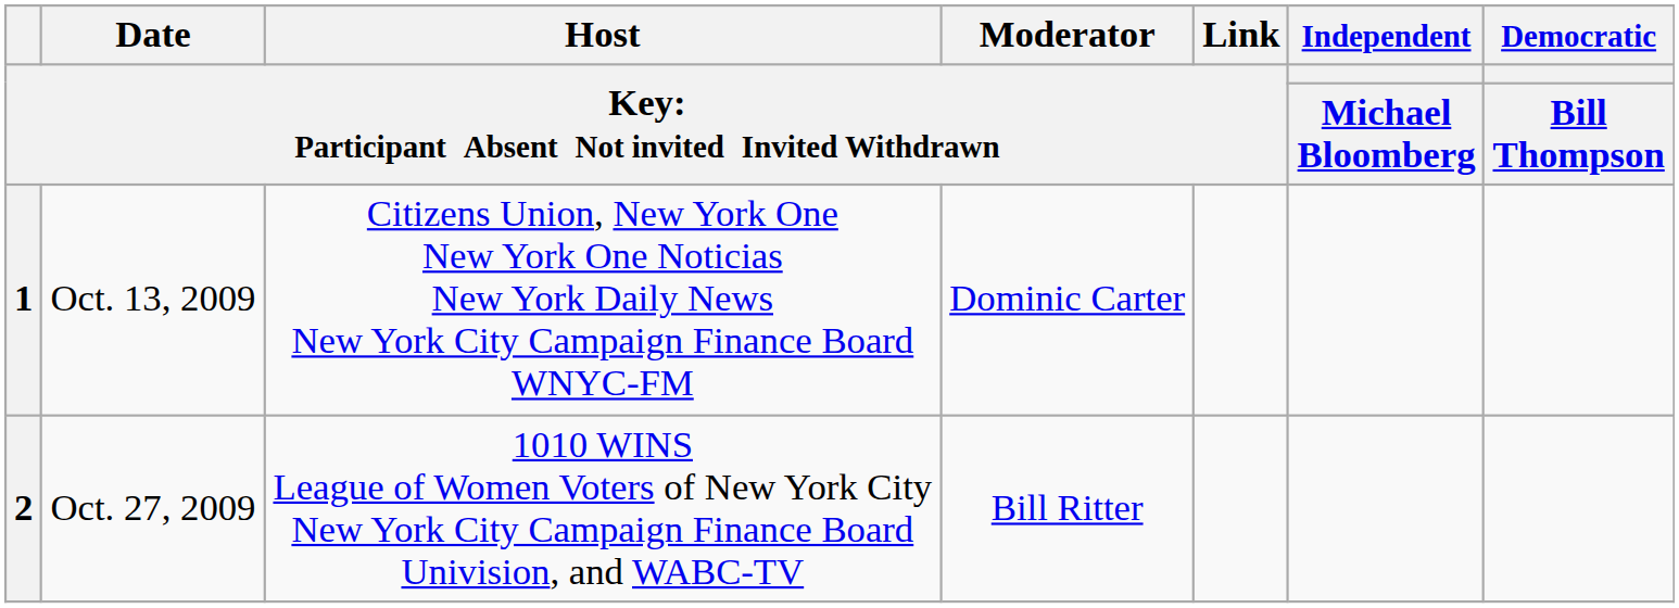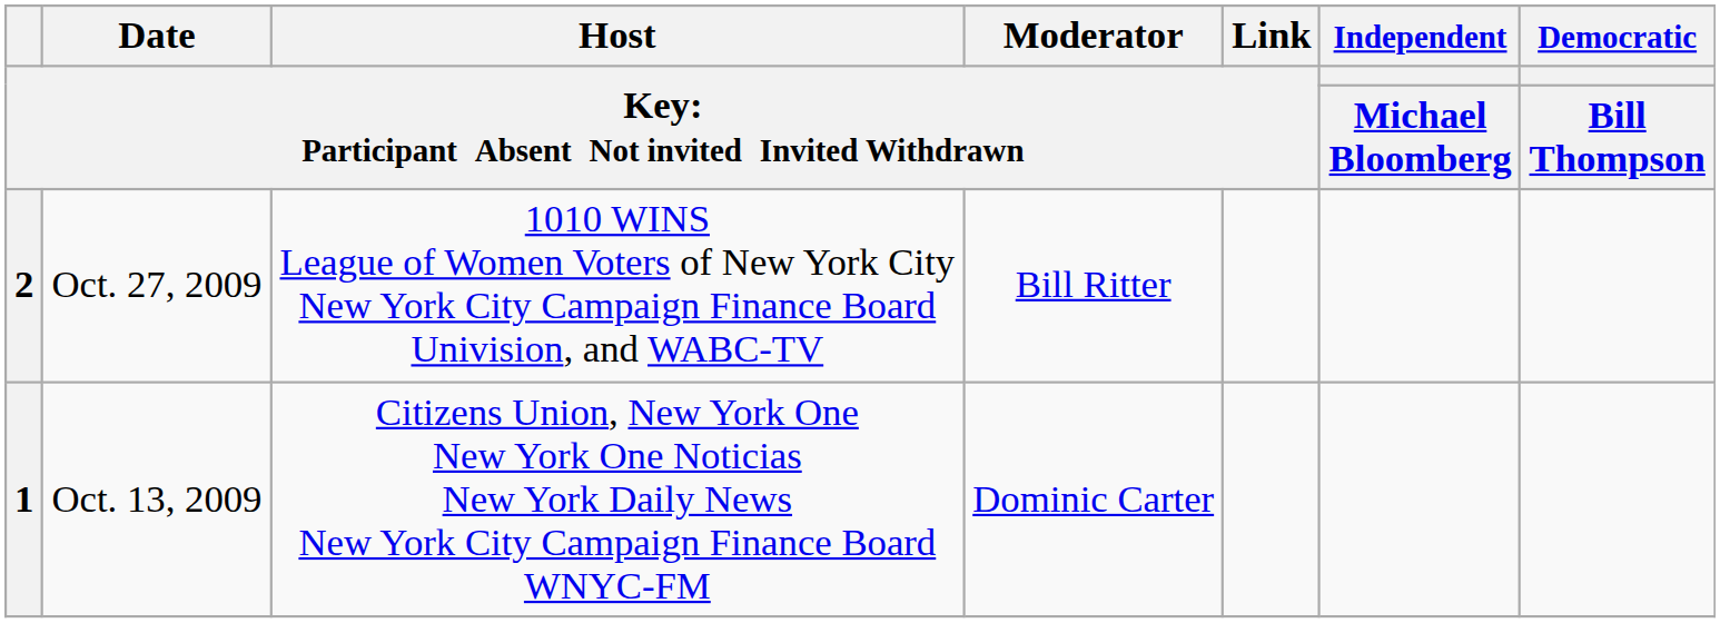 <table class="wikitable" style="text-align:center;">
 <tr>
 <th scope="col"></th>
 <th scope="col">Date</th>
 <th scope="col">Host</th>
 <th scope="col">Moderator</th>
 <th scope="col">Link</th>
 <th scope="col"><small><a href='#'>Independent</a></small></th>
 <th scope="col"><small><a href='#'>Democratic</a></small></th>
 </tr>
 <tr>
 <th colspan="5" rowspan="2">Key:<br> <small>Participant </small>  <small>Absent </small>  <small>Not invited </small>  <small>Invited  Withdrawn</small></th>
 <th scope="col" style="background:"></th>
 <th scope="col" style="background:"></th>
 </tr>
 <tr>
 <th scope="col"><a href='#'>Michael Bloomberg</a></th>
 <th scope="col"><a href='#'>Bill Thompson</a></th>
 </tr>
 <tr>
+<th>2</th>
+<td style="white-space:nowrap;">Oct. 27, 2009</td>
+<td style="white-space:nowrap;"><a href='#'>1010 WINS</a><br><a href='#'>League of Women Voters</a> of New York City<br><a href='#'>New York City Campaign Finance Board</a><br><a href='#'>Univision</a>, and <a href='#'>WABC-TV</a></td>
+<td style="white-space:nowrap;"><a href='#'>Bill Ritter</a></td>
+<td style="white-space:nowrap;"></td>
+<td></td>
+<td></td>
+</tr>
+<tr>
 <th>1</th>
 <td style="white-space:nowrap;">Oct. 13, 2009</td>
 <td style="white-space:nowrap;"><a href='#'>Citizens Union</a>, <a href='#'>New York One</a><br><a href='#'>New York One Noticias</a><br><a href='#'>New York Daily News</a><br><a href='#'>New York City Campaign Finance Board</a><br><a href='#'>WNYC-FM</a></td>
 <td style="white-space:nowrap;"><a href='#'>Dominic Carter</a></td>
 <td style="white-space:nowrap;"></td>
 <td></td>
 <td></td>
 </tr>
-<tr>
-<th>2</th>
-<td style="white-space:nowrap;">Oct. 27, 2009</td>
-<td style="white-space:nowrap;"><a href='#'>1010 WINS</a><br><a href='#'>League of Women Voters</a> of New York City<br><a href='#'>New York City Campaign Finance Board</a><br><a href='#'>Univision</a>, and <a href='#'>WABC-TV</a></td>
-<td style="white-space:nowrap;"><a href='#'>Bill Ritter</a></td>
-<td style="white-space:nowrap;"></td>
-<td></td>
-<td></td>
-</tr>
 </table>
